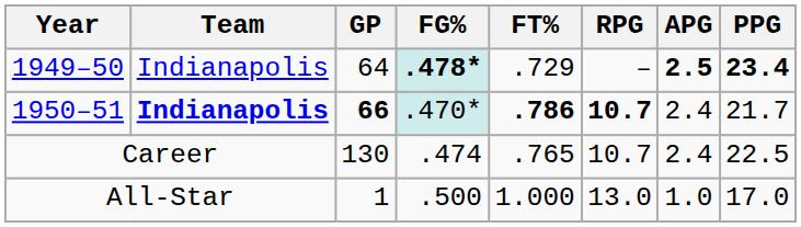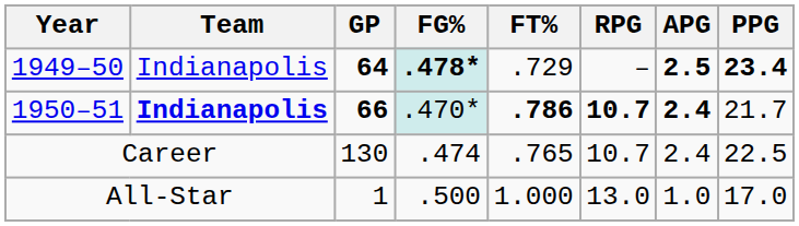 <table class="wikitable sortable" style="font-size:95%; text-align:right;">
 <tr>
 <th>Year</th>
 <th>Team</th>
 <th>GP</th>
 <th>FG%</th>
 <th>FT%</th>
 <th>RPG</th>
 <th>APG</th>
 <th>PPG</th>
 </tr>
 <tr>
 <td style="text-align:left;"><a href='#'>1949–50</a></td>
 <td style="text-align:left;"><a href='#'>Indianapolis</a></td>
-<td>64</td>
+<td><strong>64</strong></td>
 <td style="background:#cfecec;"><strong>.478*</strong></td>
 <td>.729</td>
 <td>–</td>
 <td><strong>2.5</strong></td>
 <td><strong>23.4</strong></td>
 </tr>
 <tr>
 <td style="text-align:left;"><a href='#'>1950–51</a></td>
 <td style="text-align:left;"><strong><a href='#'>Indianapolis</a></strong></td>
 <td><strong>66</strong></td>
 <td style="background:#cfecec;">.470*</td>
 <td><strong>.786</strong></td>
 <td><strong>10.7</strong></td>
-<td>2.4</td>
+<td><strong>2.4</strong></td>
 <td>21.7</td>
 </tr>
 <tr class="sortbottom">
 <td colspan="2" style="text-align:center;">Career</td>
 <td>130</td>
 <td>.474</td>
 <td>.765</td>
 <td>10.7</td>
 <td>2.4</td>
 <td>22.5</td>
 </tr>
 <tr class="sortbottom">
 <td colspan="2" style="text-align:center;">All-Star</td>
 <td>1</td>
 <td>.500</td>
 <td>1.000</td>
 <td>13.0</td>
 <td>1.0</td>
 <td>17.0</td>
 </tr>
 </table>
